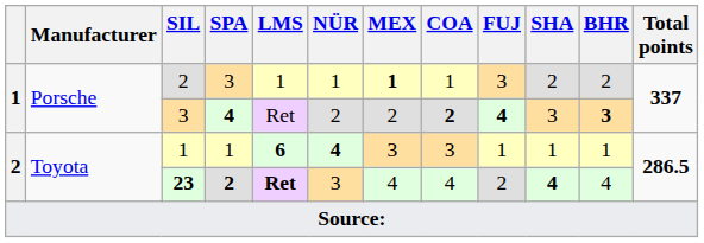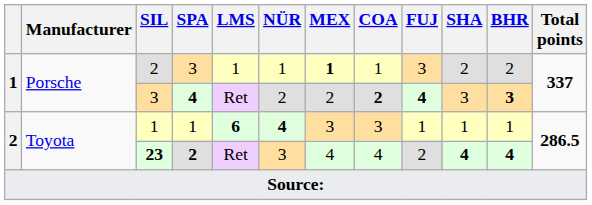 <table class="wikitable" style="font-size: 85%; text-align:center;">
 <tr valign="top">
 <th valign=middle></th>
 <th valign=middle>Manufacturer</th>
 <th><a href='#'>SIL</a><br></th>
 <th><a href='#'>SPA</a><br></th>
 <th><a href='#'>LMS</a><br></th>
 <th><a href='#'>NÜR</a><br></th>
 <th><a href='#'>MEX</a><br></th>
 <th><a href='#'>COA</a><br></th>
 <th><a href='#'>FUJ</a><br></th>
 <th><a href='#'>SHA</a><br></th>
 <th><a href='#'>BHR</a><br></th>
 <th valign=middle>Total<br>points</th>
 </tr>
 <tr>
 <th rowspan=2>1</th>
 <td rowspan=2 align=left> <a href='#'>Porsche</a></td>
 <td style="background:#DFDFDF;">2</td>
 <td style="background:#FFDF9F;">3</td>
 <td style="background:#FFFFBF;">1</td>
 <td style="background:#FFFFBF;">1</td>
 <td style="background:#FFFFBF;"><strong>1</strong></td>
 <td style="background:#FFFFBF;">1</td>
 <td style="background:#FFDF9F;">3</td>
 <td style="background:#DFDFDF;">2</td>
 <td style="background:#DFDFDF;">2</td>
 <td rowspan=2><strong>337</strong></td>
 </tr>
 <tr>
 <td style="background:#FFDF9F;">3</td>
 <td style="background:#DFFFDF;"><strong>4</strong></td>
 <td style="background:#EFCFFF;">Ret</td>
 <td style="background:#DFDFDF;">2</td>
 <td style="background:#DFDFDF;">2</td>
 <td style="background:#DFDFDF;"><strong>2</strong></td>
 <td style="background:#DFFFDF;"><strong>4</strong></td>
 <td style="background:#FFDF9F;">3</td>
 <td style="background:#FFDF9F;"><strong>3</strong></td>
 </tr>
 <tr>
 <th rowspan=2>2</th>
 <td rowspan=2 align=left> <a href='#'>Toyota</a></td>
 <td style="background:#FFFFBF;">1</td>
 <td style="background:#FFFFBF;">1</td>
 <td style="background:#DFFFDF;"><strong>6</strong></td>
 <td style="background:#DFFFDF;"><strong>4</strong></td>
 <td style="background:#FFDF9F;">3</td>
 <td style="background:#FFDF9F;">3</td>
 <td style="background:#FFFFBF;">1</td>
 <td style="background:#FFFFBF;">1</td>
 <td style="background:#FFFFBF;">1</td>
 <td rowspan=2><strong>286.5</strong></td>
 </tr>
 <tr>
 <td style="background:#DFFFDF;"><strong>23</strong></td>
 <td style="background:#DFDFDF;"><strong>2</strong></td>
-<td style="background:#EFCFFF;"><strong>Ret</strong></td>
+<td style="background:#EFCFFF;">Ret</td>
 <td style="background:#FFDF9F;">3</td>
 <td style="background:#DFFFDF;">4</td>
 <td style="background:#DFFFDF;">4</td>
 <td style="background:#DFDFDF;">2</td>
 <td style="background:#DFFFDF;"><strong>4</strong></td>
-<td style="background:#DFFFDF;">4</td>
+<td style="background:#DFFFDF;"><strong>4</strong></td>
 </tr>
 <tr class="sortbottom">
 <td colspan="12" style="background-color:#EAECF0;text-align:center"><strong>Source:</strong></td>
 </tr>
 </table>
